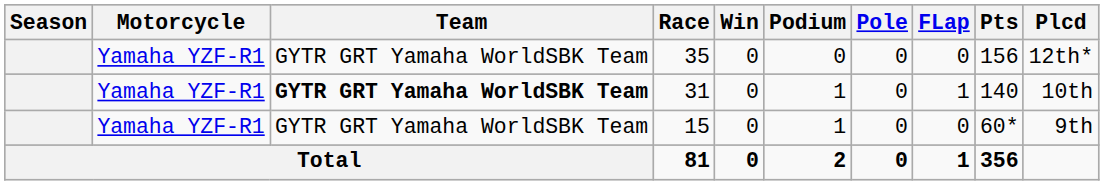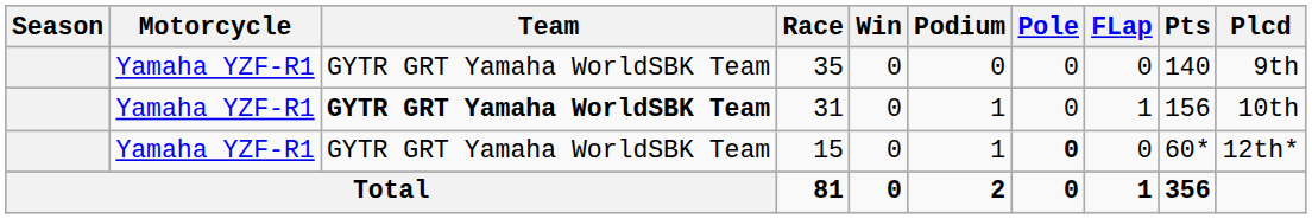 <table class="wikitable" style="text-align:right;">
 <tr>
 <th>Season</th>
 <th>Motorcycle</th>
 <th>Team</th>
 <th>Race</th>
 <th>Win</th>
 <th>Podium</th>
 <th><a href='#'>Pole</a></th>
 <th><a href='#'>FLap</a></th>
 <th>Pts</th>
 <th>Plcd</th>
 </tr>
 <tr>
 <th></th>
 <td><a href='#'>Yamaha YZF-R1</a></td>
 <td>GYTR GRT Yamaha WorldSBK Team</td>
 <td>35</td>
 <td>0</td>
 <td>0</td>
 <td>0</td>
 <td>0</td>
-<td>156</td>
-<td>12th*</td>
+<td>140</td>
+<td>9th</td>
 </tr>
 <tr>
 <th></th>
 <td><a href='#'>Yamaha YZF-R1</a></td>
 <td><strong>GYTR GRT Yamaha WorldSBK Team</strong></td>
 <td>31</td>
 <td>0</td>
 <td>1</td>
 <td>0</td>
 <td>1</td>
-<td>140</td>
+<td>156</td>
 <td>10th</td>
 </tr>
 <tr>
 <th></th>
 <td><a href='#'>Yamaha YZF-R1</a></td>
 <td>GYTR GRT Yamaha WorldSBK Team</td>
 <td>15</td>
 <td>0</td>
 <td>1</td>
-<td>0</td>
+<td><strong>0</strong></td>
 <td>0</td>
 <td>60*</td>
-<td>9th</td>
+<td>12th*</td>
 </tr>
 <tr>
 <th colspan="3">Total</th>
 <td><strong>81</strong></td>
 <td><strong>0</strong></td>
 <td><strong>2</strong></td>
 <td><strong>0</strong></td>
 <td><strong>1</strong></td>
 <td><strong>356</strong></td>
 <td></td>
 </tr>
 </table>
